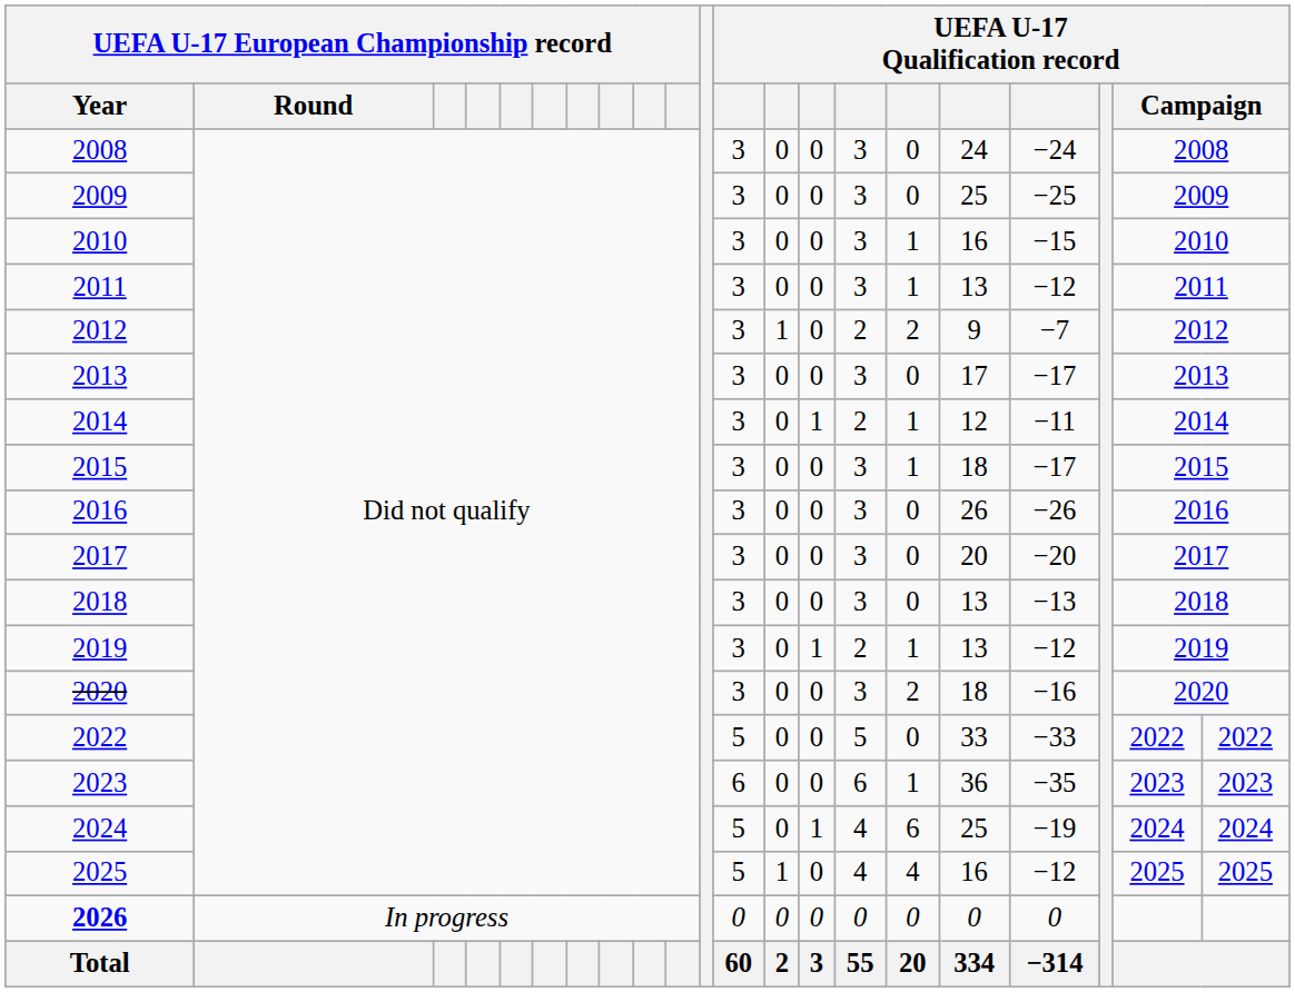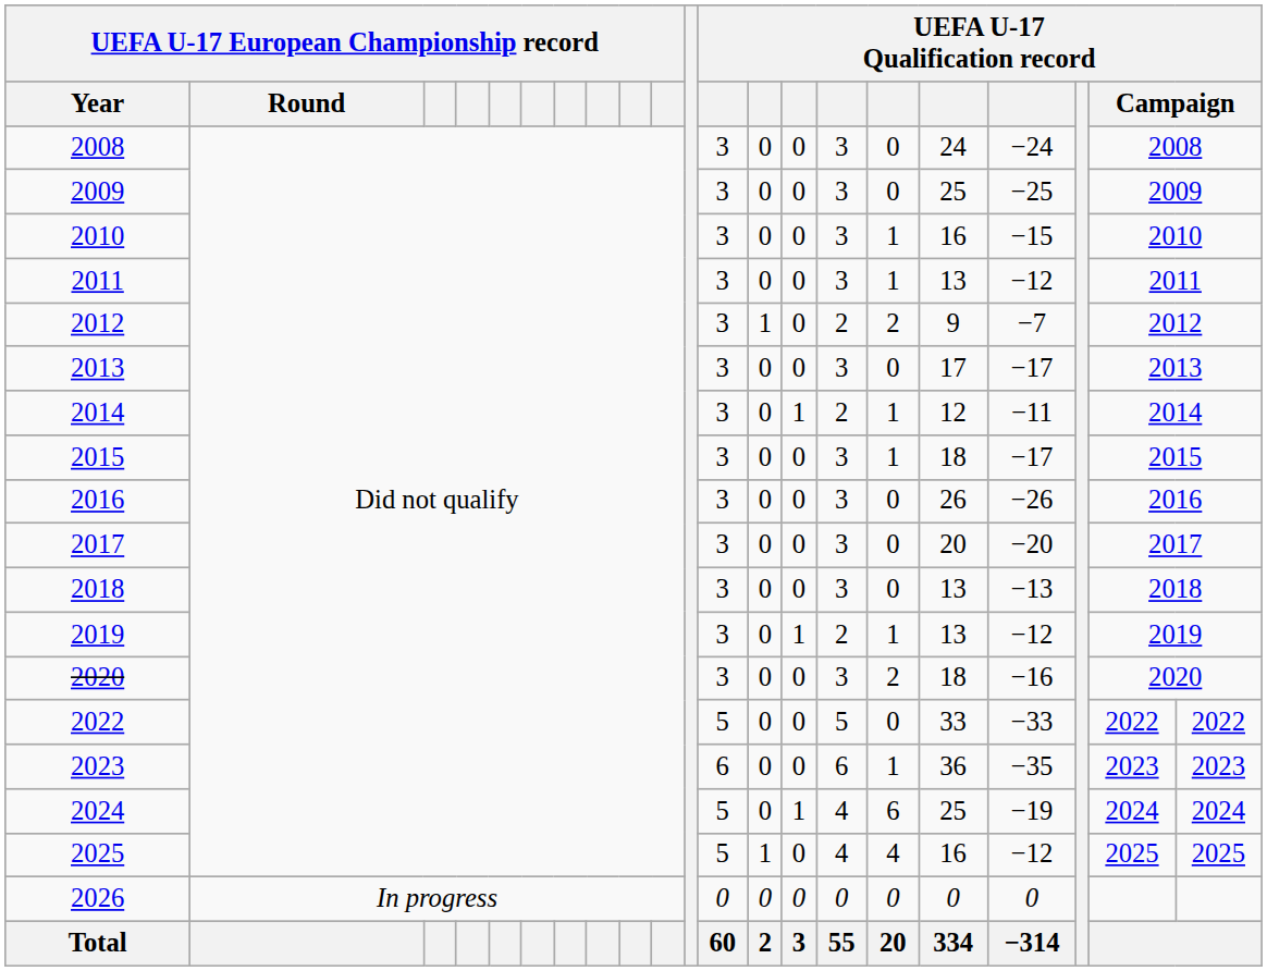 <table class="wikitable" style="text-align: center; font-size: 90%;">
 <tr>
 <th colspan=10><a href='#'>UEFA U-17 European Championship</a> record</th>
 <th width=1% rowspan=21></th>
 <th colspan=10>UEFA U-17<br>Qualification record</th>
 </tr>
 <tr>
 <th>Year</th>
 <th>Round</th>
 <th></th>
 <th></th>
 <th></th>
 <th></th>
 <th></th>
 <th></th>
 <th></th>
 <th></th>
 <th></th>
 <th></th>
 <th></th>
 <th></th>
 <th></th>
 <th></th>
 <th></th>
 <th rowspan="20" width="1%"></th>
 <th colspan="2">Campaign</th>
 </tr>
 <tr>
 <td> <a href='#'>2008</a></td>
 <td rowspan=17 colspan=9>Did not qualify</td>
 <td>3</td>
 <td>0</td>
 <td>0</td>
 <td>3</td>
 <td>0</td>
 <td>24</td>
 <td>−24</td>
 <td colspan= "2"><a href='#'>2008</a></td>
 </tr>
 <tr>
 <td> <a href='#'>2009</a></td>
 <td>3</td>
 <td>0</td>
 <td>0</td>
 <td>3</td>
 <td>0</td>
 <td>25</td>
 <td>−25</td>
 <td colspan= "2"><a href='#'>2009</a></td>
 </tr>
 <tr>
 <td> <a href='#'>2010</a></td>
 <td>3</td>
 <td>0</td>
 <td>0</td>
 <td>3</td>
 <td>1</td>
 <td>16</td>
 <td>−15</td>
 <td colspan= "2"><a href='#'>2010</a></td>
 </tr>
 <tr>
 <td> <a href='#'>2011</a></td>
 <td>3</td>
 <td>0</td>
 <td>0</td>
 <td>3</td>
 <td>1</td>
 <td>13</td>
 <td>−12</td>
 <td colspan= "2"><a href='#'>2011</a></td>
 </tr>
 <tr>
 <td> <a href='#'>2012</a></td>
 <td>3</td>
 <td>1</td>
 <td>0</td>
 <td>2</td>
 <td>2</td>
 <td>9</td>
 <td>−7</td>
 <td colspan= "2"><a href='#'>2012</a></td>
 </tr>
 <tr>
 <td> <a href='#'>2013</a></td>
 <td>3</td>
 <td>0</td>
 <td>0</td>
 <td>3</td>
 <td>0</td>
 <td>17</td>
 <td>−17</td>
 <td colspan= "2"><a href='#'>2013</a></td>
 </tr>
 <tr>
 <td> <a href='#'>2014</a></td>
 <td>3</td>
 <td>0</td>
 <td>1</td>
 <td>2</td>
 <td>1</td>
 <td>12</td>
 <td>−11</td>
 <td colspan= "2"><a href='#'>2014</a></td>
 </tr>
 <tr>
 <td> <a href='#'>2015</a></td>
 <td>3</td>
 <td>0</td>
 <td>0</td>
 <td>3</td>
 <td>1</td>
 <td>18</td>
 <td>−17</td>
 <td colspan= "2"><a href='#'>2015</a></td>
 </tr>
 <tr>
 <td> <a href='#'>2016</a></td>
 <td>3</td>
 <td>0</td>
 <td>0</td>
 <td>3</td>
 <td>0</td>
 <td>26</td>
 <td>−26</td>
 <td colspan= "2"><a href='#'>2016</a></td>
 </tr>
 <tr>
 <td> <a href='#'>2017</a></td>
 <td>3</td>
 <td>0</td>
 <td>0</td>
 <td>3</td>
 <td>0</td>
 <td>20</td>
 <td>−20</td>
 <td colspan= "2"><a href='#'>2017</a></td>
 </tr>
 <tr>
 <td> <a href='#'>2018</a></td>
 <td>3</td>
 <td>0</td>
 <td>0</td>
 <td>3</td>
 <td>0</td>
 <td>13</td>
 <td>−13</td>
 <td colspan= "2"><a href='#'>2018</a></td>
 </tr>
 <tr>
 <td> <a href='#'>2019</a></td>
 <td>3</td>
 <td>0</td>
 <td>1</td>
 <td>2</td>
 <td>1</td>
 <td>13</td>
 <td>−12</td>
 <td colspan= "2"><a href='#'>2019</a></td>
 </tr>
 <tr>
 <td> <s><a href='#'>2020</a></s></td>
 <td>3</td>
 <td>0</td>
 <td>0</td>
 <td>3</td>
 <td>2</td>
 <td>18</td>
 <td>−16</td>
 <td colspan= "2"><a href='#'>2020</a></td>
 </tr>
 <tr>
 <td> <a href='#'>2022</a></td>
 <td>5</td>
 <td>0</td>
 <td>0</td>
 <td>5</td>
 <td>0</td>
 <td>33</td>
 <td>−33</td>
 <td><a href='#'>2022</a></td>
 <td><a href='#'>2022</a></td>
 </tr>
 <tr>
 <td> <a href='#'>2023</a></td>
 <td>6</td>
 <td>0</td>
 <td>0</td>
 <td>6</td>
 <td>1</td>
 <td>36</td>
 <td>−35</td>
 <td><a href='#'>2023</a></td>
 <td><a href='#'>2023</a></td>
 </tr>
 <tr>
 <td> <a href='#'>2024</a></td>
 <td>5</td>
 <td>0</td>
 <td>1</td>
 <td>4</td>
 <td>6</td>
 <td>25</td>
 <td>−19</td>
 <td><a href='#'>2024</a></td>
 <td><a href='#'>2024</a></td>
 </tr>
 <tr>
 <td> <a href='#'>2025</a></td>
 <td>5</td>
 <td>1</td>
 <td>0</td>
 <td>4</td>
 <td>4</td>
 <td>16</td>
 <td>−12</td>
 <td><a href='#'>2025</a></td>
 <td><a href='#'>2025</a></td>
 </tr>
 <tr>
-<td><strong> <a href='#'>2026</a></strong></td>
+<td> <a href='#'>2026</a></td>
 <td colspan="9"><em>In progress</em></td>
 <td><em>0</em></td>
 <td><em>0</em></td>
 <td><em>0</em></td>
 <td><em>0</em></td>
 <td><em>0</em></td>
 <td><em>0</em></td>
 <td><em>0</em></td>
 <td></td>
 <td></td>
 </tr>
 <tr>
 <th>Total</th>
 <th></th>
 <th></th>
 <th></th>
 <th></th>
 <th></th>
 <th></th>
 <th></th>
 <th></th>
 <th></th>
 <th>60</th>
 <th>2</th>
 <th>3</th>
 <th>55</th>
 <th>20</th>
 <th>334</th>
 <th>−314</th>
 <th colspan="2"></th>
 </tr>
 </table>
